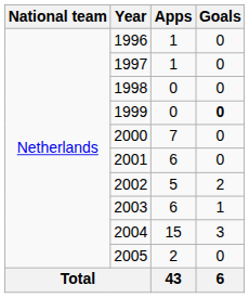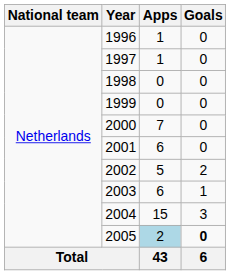 <table class="wikitable" style="text-align:center">
 <tr>
 <th>National team</th>
 <th>Year</th>
 <th>Apps</th>
 <th>Goals</th>
 </tr>
 <tr>
 <td rowspan="10"><a href='#'>Netherlands</a></td>
 <td>1996</td>
 <td>1</td>
 <td>0</td>
 </tr>
 <tr>
 <td>1997</td>
 <td>1</td>
 <td>0</td>
 </tr>
 <tr>
 <td>1998</td>
 <td>0</td>
 <td>0</td>
 </tr>
 <tr>
 <td>1999</td>
 <td>0</td>
-<td><strong>0</strong></td>
+<td>0</td>
 </tr>
 <tr>
 <td>2000</td>
 <td>7</td>
 <td>0</td>
 </tr>
 <tr>
 <td>2001</td>
 <td>6</td>
 <td>0</td>
 </tr>
 <tr>
 <td>2002</td>
 <td>5</td>
 <td>2</td>
 </tr>
 <tr>
 <td>2003</td>
 <td>6</td>
 <td>1</td>
 </tr>
 <tr>
 <td>2004</td>
 <td>15</td>
 <td>3</td>
 </tr>
 <tr>
 <td>2005</td>
-<td>2</td>
-<td>0</td>
+<td style="background: lightblue;">2</td>
+<td><strong>0</strong></td>
 </tr>
 <tr>
 <th colspan="2">Total</th>
 <th>43</th>
 <th>6</th>
 </tr>
 </table>
